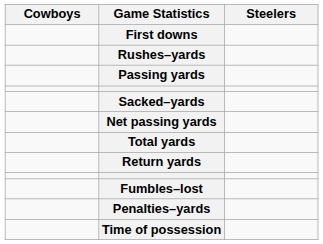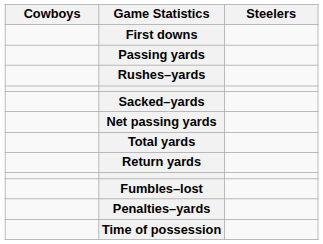 <table class="wikitable" style="margin: 1em auto 1em auto">
 <tr>
 <th style="width:30%;">Cowboys</th>
 <th style="width:40%;">Game Statistics</th>
 <th style="width:30%;">Steelers</th>
 </tr>
 <tr>
 <td style="text-align:right;"></td>
 <th>First downs</th>
 <td></td>
 </tr>
 <tr>
 <td style="text-align:right;"></td>
-<th>Rushes–yards</th>
+<th>Passing yards</th>
 <td></td>
 </tr>
 <tr>
 <td style="text-align:right;"></td>
-<th>Passing yards</th>
+<th>Rushes–yards</th>
 <td></td>
 </tr>
 <tr>
 <td style="text-align:right;"></td>
 <th></th>
 <td></td>
 </tr>
 <tr>
 <td style="text-align:right;"></td>
 <th>Sacked–yards</th>
 <td></td>
 </tr>
 <tr>
 <td style="text-align:right;"></td>
 <th>Net passing yards</th>
 <td></td>
 </tr>
 <tr>
 <td style="text-align:right;"></td>
 <th>Total yards</th>
 <td></td>
 </tr>
 <tr>
 <td style="text-align:right;"></td>
 <th>Return yards</th>
 <td></td>
 </tr>
 <tr>
 <td style="text-align:right;"></td>
 <th></th>
 <td></td>
 </tr>
 <tr>
 <td style="text-align:right;"></td>
 <th>Fumbles–lost</th>
 <td></td>
 </tr>
 <tr>
 <td style="text-align:right;"></td>
 <th>Penalties–yards</th>
 <td></td>
 </tr>
 <tr>
 <td style="text-align:right;"></td>
 <th>Time of possession</th>
 <td></td>
 </tr>
 </table>
